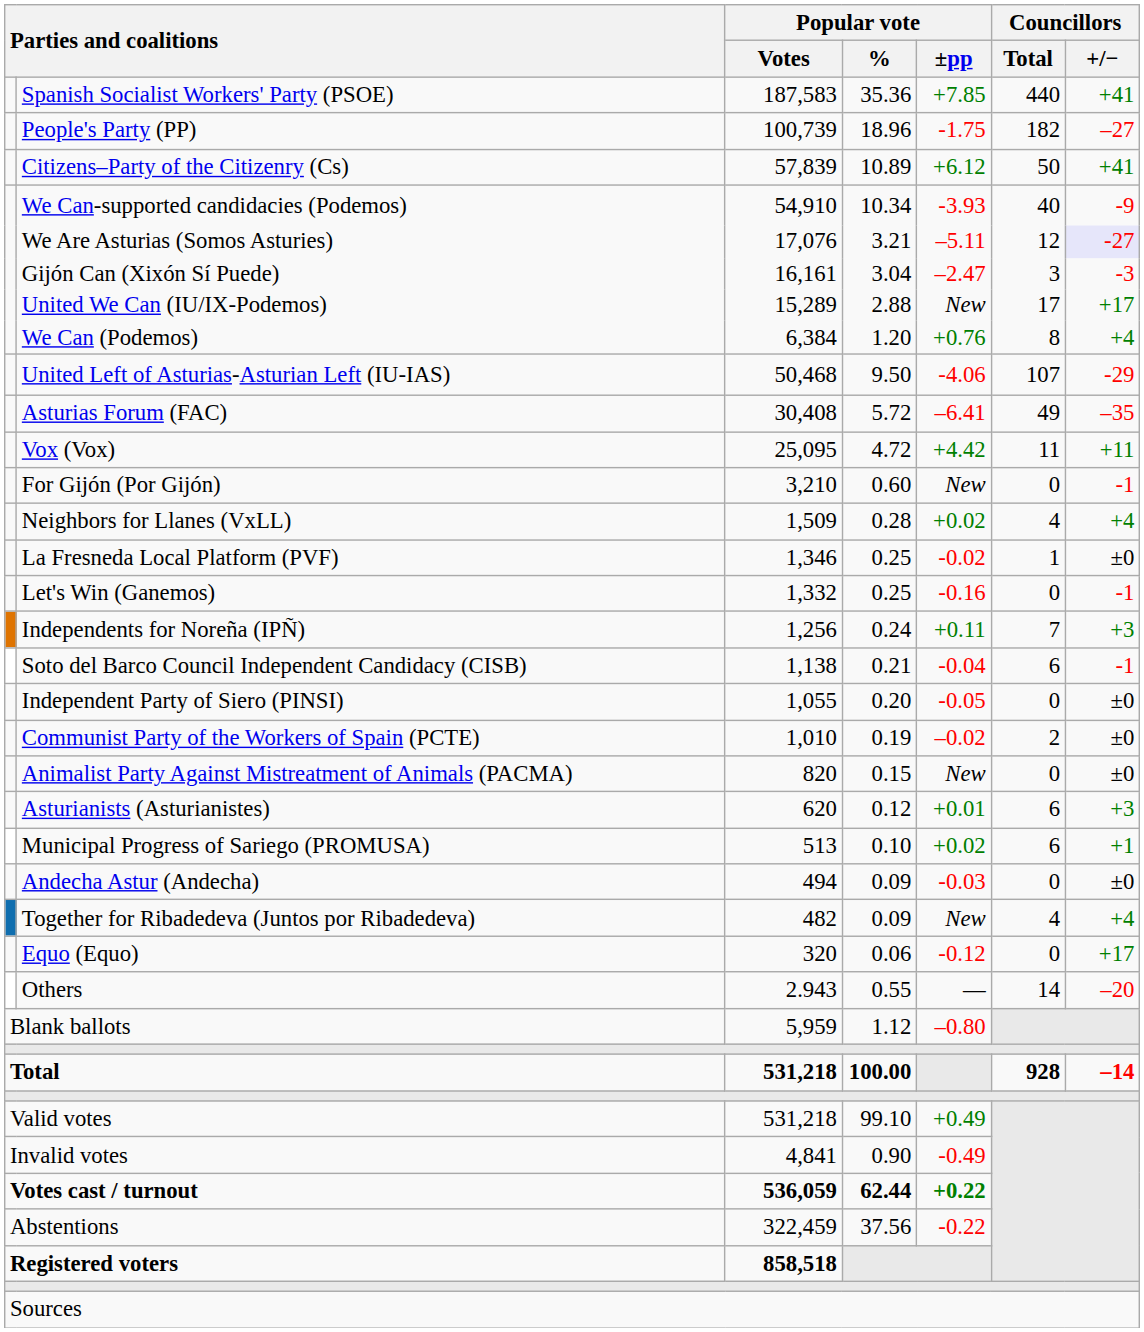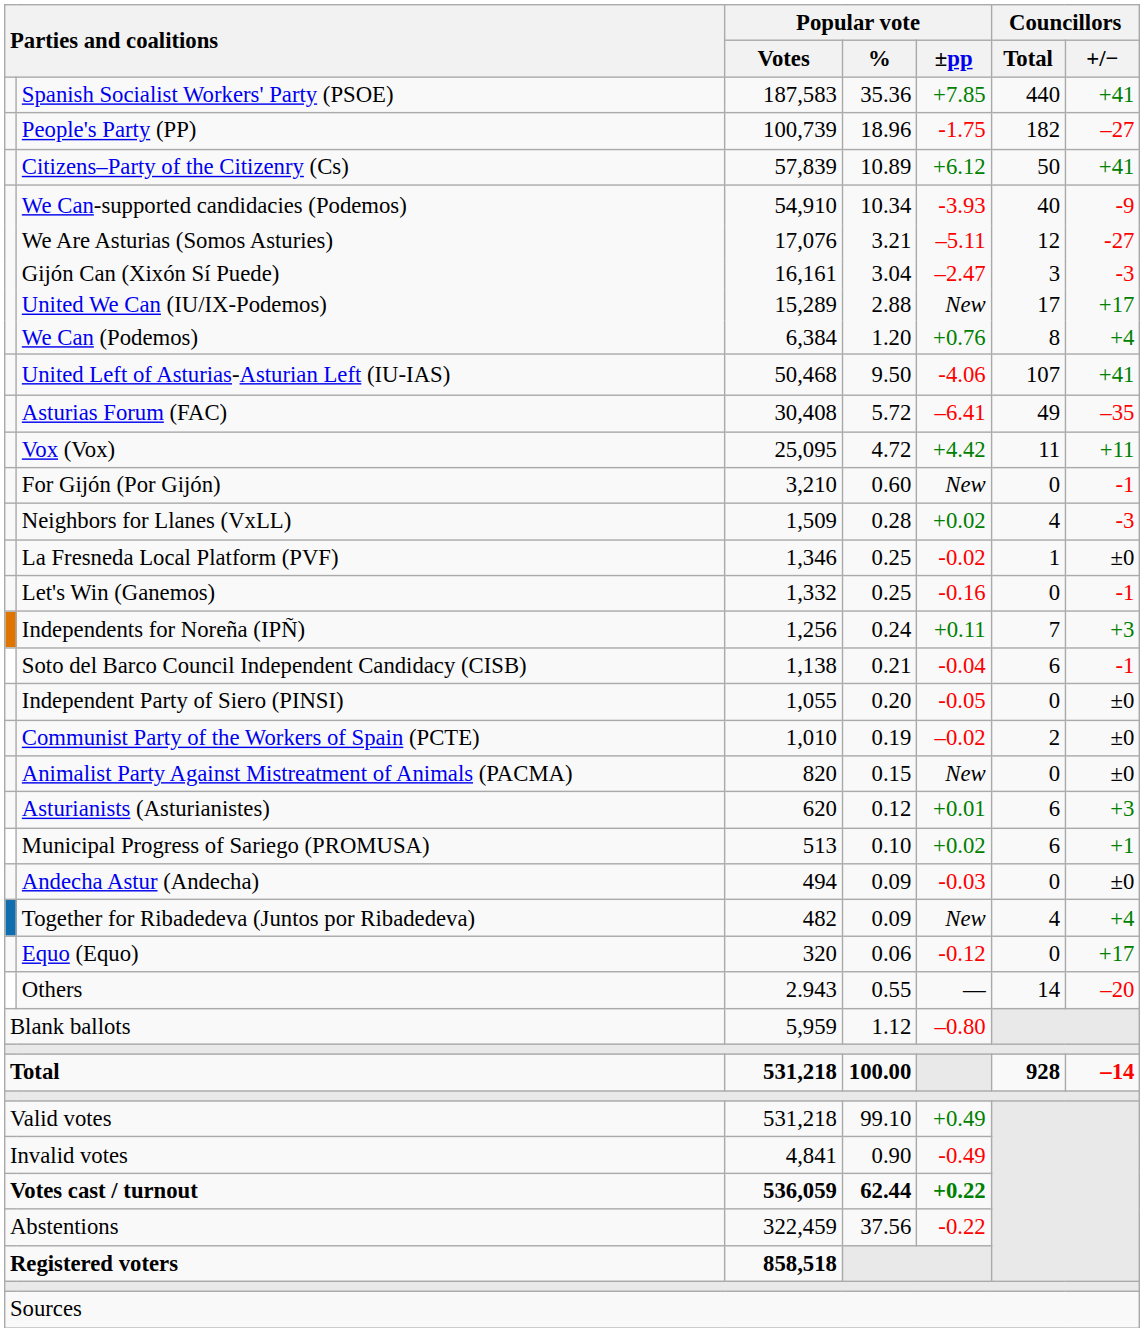 <table class="wikitable" style="text-align:right;">
 <tr>
 <th colspan="2" rowspan="2" style="text-align:left;" width="500">Parties and coalitions</th>
 <th colspan="3">Popular vote</th>
 <th colspan="2">Councillors</th>
 </tr>
 <tr>
 <th width="75">Votes</th>
 <th width="45">%</th>
 <th width="45">±<a href='#'>pp</a></th>
 <th width="45">Total</th>
 <th width="45">+/−</th>
 </tr>
 <tr>
 <td width="1" style="color:inherit;background:"></td>
 <td align="left"><a href='#'>Spanish Socialist Workers' Party</a> (PSOE)</td>
 <td>187,583</td>
 <td>35.36</td>
 <td style="color:green;">+7.85</td>
 <td>440</td>
 <td style="color:green;">+41</td>
 </tr>
 <tr>
 <td style="color:inherit;background:"></td>
 <td align="left"><a href='#'>People's Party</a> (PP)</td>
 <td>100,739</td>
 <td>18.96</td>
 <td style="color:red;">-1.75</td>
 <td>182</td>
 <td style="color:red;">–27</td>
 </tr>
 <tr>
 <td style="color:inherit;background:"></td>
 <td align="left"><a href='#'>Citizens–Party of the Citizenry</a> (Cs)</td>
 <td>57,839</td>
 <td>10.89</td>
 <td style="color:green;">+6.12</td>
 <td>50</td>
 <td style="color:green;">+41</td>
 </tr>
 <tr style="line-height:22px;">
 <td rowspan="5" style="color:inherit;background:"></td>
 <td align="left"><a href='#'>We Can</a>-supported candidacies (Podemos)</td>
 <td>54,910</td>
 <td>10.34</td>
 <td style="color:red;">-3.93</td>
 <td>40</td>
 <td style="color:red;">-9</td>
 </tr>
 <tr style="border-bottom-style:hidden; border-top-style:hidden; line-height:16px;">
 <td align="left"><span>We Are Asturias (Somos Asturies)</span></td>
 <td>17,076</td>
 <td>3.21</td>
 <td style="color:red;">–5.11</td>
 <td>12</td>
-<td style="background: lavender; color:red;">-27</td>
+<td style="color:red;">-27</td>
 </tr>
 <tr style="border-bottom-style:hidden; line-height:16px;">
 <td align="left"><span>Gijón Can (Xixón Sí Puede)</span></td>
 <td>16,161</td>
 <td>3.04</td>
 <td style="color:red;">–2.47</td>
 <td>3</td>
 <td style="color:red;">-3</td>
 </tr>
 <tr style="border-bottom-style:hidden; line-height:16px;">
 <td align="left"><span><a href='#'>United We Can</a> (IU/IX-Podemos)</span></td>
 <td>15,289</td>
 <td>2.88</td>
 <td><em>New</em></td>
 <td>17</td>
 <td style="color:green;">+17</td>
 </tr>
 <tr style="line-height:16px;">
 <td align="left"><span><a href='#'>We Can</a> (Podemos)</span></td>
 <td>6,384</td>
 <td>1.20</td>
 <td style="color:green;">+0.76</td>
 <td>8</td>
 <td style="color:green;">+4</td>
 </tr>
 <tr style="line-height:22px;">
 <td style="color:inherit;background:"></td>
 <td align="left"><a href='#'>United Left of Asturias</a>-<a href='#'>Asturian Left</a> (IU-IAS)</td>
 <td>50,468</td>
 <td>9.50</td>
 <td style="color:red;">-4.06</td>
 <td>107</td>
-<td style="color:red;">-29</td>
+<td style="color:green;">+41</td>
 </tr>
 <tr>
 <td style="color:inherit;background:"></td>
 <td align="left"><a href='#'>Asturias Forum</a> (FAC)</td>
 <td>30,408</td>
 <td>5.72</td>
 <td style="color:red;">–6.41</td>
 <td>49</td>
 <td style="color:red;">–35</td>
 </tr>
 <tr>
 <td style="color:inherit;background:"></td>
 <td align="left"><a href='#'>Vox</a> (Vox)</td>
 <td>25,095</td>
 <td>4.72</td>
 <td style="color:green;">+4.42</td>
 <td>11</td>
 <td style="color:green;">+11</td>
 </tr>
 <tr>
 <td style="color:inherit;background:"></td>
 <td align="left">For Gijón (Por Gijón)</td>
 <td>3,210</td>
 <td>0.60</td>
 <td><em>New</em></td>
 <td>0</td>
 <td style="color:red;">-1</td>
 </tr>
 <tr>
 <td style="color:inherit;background:"></td>
 <td align="left">Neighbors for Llanes (VxLL)</td>
 <td>1,509</td>
 <td>0.28</td>
 <td style="color:green;">+0.02</td>
 <td>4</td>
-<td style="color:green;">+4</td>
+<td style="color:red;">-3</td>
 </tr>
 <tr>
 <td style="color:inherit;background:"></td>
 <td align="left">La Fresneda Local Platform (PVF)</td>
 <td>1,346</td>
 <td>0.25</td>
 <td style="color:red;">-0.02</td>
 <td>1</td>
 <td>±0</td>
 </tr>
 <tr>
 <td style="color:inherit;background:"></td>
 <td align="left">Let's Win (Ganemos)</td>
 <td>1,332</td>
 <td>0.25</td>
 <td style="color:red;">-0.16</td>
 <td>0</td>
 <td style="color:red;">-1</td>
 </tr>
 <tr>
 <td style="color:inherit;background:#DF7401"></td>
 <td align="left">Independents for Noreña (IPÑ)</td>
 <td>1,256</td>
 <td>0.24</td>
 <td style="color:green;">+0.11</td>
 <td>7</td>
 <td style="color:green;">+3</td>
 </tr>
 <tr>
 <td bgcolor="white"></td>
 <td align="left">Soto del Barco Council Independent Candidacy (CISB)</td>
 <td>1,138</td>
 <td>0.21</td>
 <td style="color:red;">-0.04</td>
 <td>6</td>
 <td style="color:red;">-1</td>
 </tr>
 <tr>
 <td style="color:inherit;background:"></td>
 <td align="left">Independent Party of Siero (PINSI)</td>
 <td>1,055</td>
 <td>0.20</td>
 <td style="color:red;">-0.05</td>
 <td>0</td>
 <td>±0</td>
 </tr>
 <tr>
 <td style="color:inherit;background:"></td>
 <td align="left"><a href='#'>Communist Party of the Workers of Spain</a> (PCTE)</td>
 <td>1,010</td>
 <td>0.19</td>
 <td style="color:red;">–0.02</td>
 <td>2</td>
 <td>±0</td>
 </tr>
 <tr>
 <td style="color:inherit;background:"></td>
 <td align="left"><a href='#'>Animalist Party Against Mistreatment of Animals</a> (PACMA)</td>
 <td>820</td>
 <td>0.15</td>
 <td><em>New</em></td>
 <td>0</td>
 <td>±0</td>
 </tr>
 <tr>
 <td style="color:inherit;background:"></td>
 <td align="left"><a href='#'>Asturianists</a> (Asturianistes)</td>
 <td>620</td>
 <td>0.12</td>
 <td style="color:green;">+0.01</td>
 <td>6</td>
 <td style="color:green;">+3</td>
 </tr>
 <tr>
 <td bgcolor="white"></td>
 <td align="left">Municipal Progress of Sariego (PROMUSA)</td>
 <td>513</td>
 <td>0.10</td>
 <td style="color:green;">+0.02</td>
 <td>6</td>
 <td style="color:green;">+1</td>
 </tr>
 <tr>
 <td style="color:inherit;background:"></td>
 <td align="left"><a href='#'>Andecha Astur</a> (Andecha)</td>
 <td>494</td>
 <td>0.09</td>
 <td style="color:red;">-0.03</td>
 <td>0</td>
 <td>±0</td>
 </tr>
 <tr>
 <td style="color:inherit;background:#0F6EAF"></td>
 <td align="left">Together for Ribadedeva (Juntos por Ribadedeva)</td>
 <td>482</td>
 <td>0.09</td>
 <td><em>New</em></td>
 <td>4</td>
 <td style="color:green;">+4</td>
 </tr>
 <tr>
 <td style="color:inherit;background:"></td>
 <td align="left"><a href='#'>Equo</a> (Equo)</td>
 <td>320</td>
 <td>0.06</td>
 <td style="color:red;">-0.12</td>
 <td>0</td>
 <td style="color:green;">+17</td>
 </tr>
 <tr>
 <td bgcolor="white"></td>
 <td align="left">Others</td>
 <td>2.943</td>
 <td>0.55</td>
 <td>—</td>
 <td>14</td>
 <td style="color:red;">–20</td>
 </tr>
 <tr>
 <td colspan="2" align="left">Blank ballots</td>
 <td>5,959</td>
 <td>1.12</td>
 <td style="color:red;">–0.80</td>
 <td colspan="2" style="color:inherit;background:#E9E9E9"></td>
 </tr>
 <tr>
 <td colspan="7" style="color:inherit;background:#E9E9E9"></td>
 </tr>
 <tr style="font-weight:bold;">
 <td colspan="2" align="left">Total</td>
 <td>531,218</td>
 <td>100.00</td>
 <td style="color:inherit;background:#E9E9E9"></td>
 <td>928</td>
 <td style="color:red;">–14</td>
 </tr>
 <tr>
 <td colspan="7" style="color:inherit;background:#E9E9E9"></td>
 </tr>
 <tr>
 <td colspan="2" align="left">Valid votes</td>
 <td>531,218</td>
 <td>99.10</td>
 <td style="color:green;">+0.49</td>
 <td colspan="2" rowspan="5" bgcolor="#E9E9E9"></td>
 </tr>
 <tr>
 <td colspan="2" align="left">Invalid votes</td>
 <td>4,841</td>
 <td>0.90</td>
 <td style="color:red;">-0.49</td>
 </tr>
 <tr style="font-weight:bold;">
 <td colspan="2" align="left">Votes cast / turnout</td>
 <td>536,059</td>
 <td>62.44</td>
 <td style="color:green;">+0.22</td>
 </tr>
 <tr>
 <td colspan="2" align="left">Abstentions</td>
 <td>322,459</td>
 <td>37.56</td>
 <td style="color:red;">-0.22</td>
 </tr>
 <tr style="font-weight:bold;">
 <td colspan="2" align="left">Registered voters</td>
 <td>858,518</td>
 <td colspan="2" style="color:inherit;background:#E9E9E9"></td>
 </tr>
 <tr>
 <td colspan="7" style="color:inherit;background:#E9E9E9"></td>
 </tr>
 <tr>
 <td colspan="7" align="left">Sources</td>
 </tr>
 </table>
